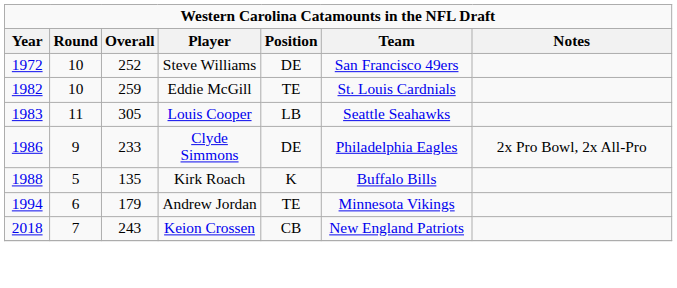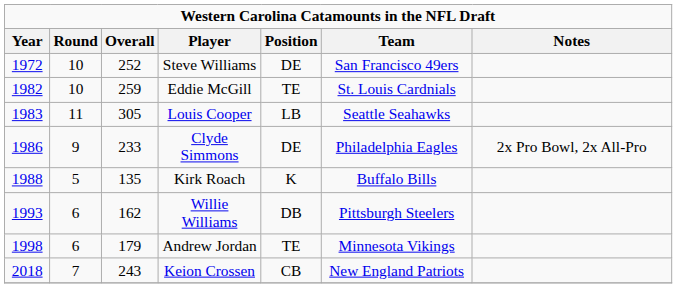 <table class="wikitable sortable" style="text-align:center">
 <tr>
 <td colspan="7"><strong>Western Carolina Catamounts in the NFL Draft</strong></td>
 </tr>
 <tr>
 <th width=40px>Year</th>
 <th width=40px>Round</th>
 <th width=50px>Overall</th>
 <th width=100px>Player</th>
 <th width=20px>Position</th>
 <th width=150px>Team</th>
 <th width=200px>Notes</th>
 </tr>
 <tr>
 <td><a href='#'>1972</a></td>
 <td>10</td>
 <td>252</td>
 <td>Steve Williams</td>
 <td>DE</td>
 <td><a href='#'>San Francisco 49ers</a></td>
 <td></td>
 </tr>
 <tr>
 <td><a href='#'>1982</a></td>
 <td>10</td>
 <td>259</td>
 <td>Eddie McGill</td>
 <td>TE</td>
 <td><a href='#'>St. Louis Cardnials</a></td>
 <td></td>
 </tr>
 <tr>
 <td><a href='#'>1983</a></td>
 <td>11</td>
 <td>305</td>
 <td><a href='#'>Louis Cooper</a></td>
 <td>LB</td>
 <td><a href='#'>Seattle Seahawks</a></td>
 <td></td>
 </tr>
 <tr>
 <td><a href='#'>1986</a></td>
 <td>9</td>
 <td>233</td>
 <td><a href='#'>Clyde Simmons</a></td>
 <td>DE</td>
 <td><a href='#'>Philadelphia Eagles</a></td>
 <td>2x Pro Bowl, 2x All-Pro</td>
 </tr>
 <tr>
 <td><a href='#'>1988</a></td>
 <td>5</td>
 <td>135</td>
 <td>Kirk Roach</td>
 <td>K</td>
 <td><a href='#'>Buffalo Bills</a></td>
 <td></td>
 </tr>
 <tr>
-<td><a href='#'>1994</a></td>
+<td><a href='#'>1993</a></td>
+<td>6</td>
+<td>162</td>
+<td><a href='#'>Willie Williams</a></td>
+<td>DB</td>
+<td><a href='#'>Pittsburgh Steelers</a></td>
+<td></td>
+</tr>
+<tr>
+<td><a href='#'>1998</a></td>
 <td>6</td>
 <td>179</td>
 <td>Andrew Jordan</td>
 <td>TE</td>
 <td><a href='#'>Minnesota Vikings</a></td>
 <td></td>
 </tr>
 <tr>
 <td><a href='#'>2018</a></td>
 <td>7</td>
 <td>243</td>
 <td><a href='#'>Keion Crossen</a></td>
 <td>CB</td>
 <td><a href='#'>New England Patriots</a></td>
 <td></td>
 </tr>
 <tr>
 </tr>
 </table>
